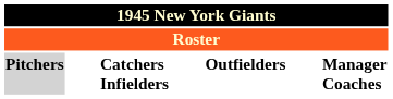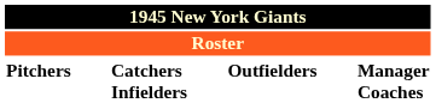 <table class="toccolours" style="font-size: 95%;">
 <tr>
 <th colspan="10" style="background-color: black; color: #FFFDD0; text-align: center;">1945 New York Giants</th>
 </tr>
 <tr>
 <td colspan="10" style="background-color: #fd5a1e; color: #FFFDD0; text-align: center;"><strong>Roster</strong></td>
 </tr>
 <tr>
-<td valign="top" style="background: lightgrey;"><strong>Pitchers</strong><br>                </td>
+<td valign="top"><strong>Pitchers</strong><br>                </td>
 <td width="25px"></td>
 <td valign="top"><strong>Catchers</strong><br>    <strong>Infielders</strong>         </td>
 <td width="25px"></td>
 <td valign="top"><strong>Outfielders</strong><br>        </td>
 <td width="25px"></td>
 <td valign="top"><strong>Manager</strong><br> <strong>Coaches</strong>  </td>
 </tr>
 </table>
